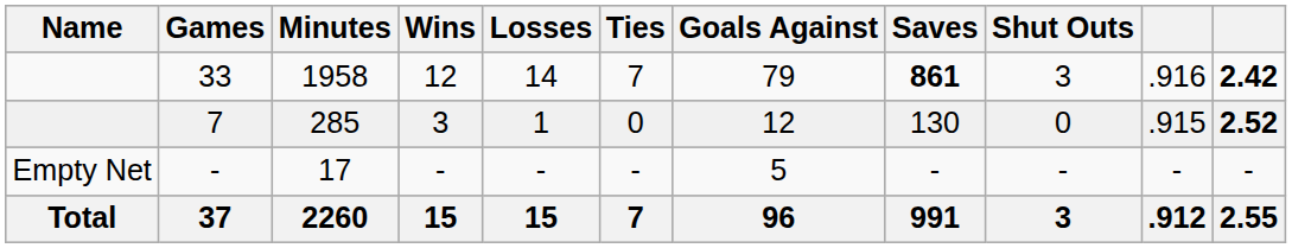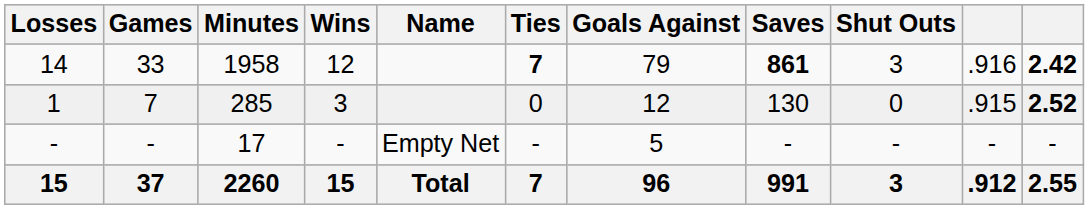 <table class="wikitable sortable">
 <tr align="center">
-<th>Name</th>
+<th>Losses</th>
 <th>Games</th>
 <th>Minutes</th>
 <th>Wins</th>
-<th>Losses</th>
+<th>Name</th>
 <th>Ties</th>
 <th>Goals Against</th>
 <th>Saves</th>
 <th>Shut Outs</th>
 <th><a href='#'></a></th>
 <th><a href='#'></a></th>
 </tr>
 <tr align="center">
-<td></td>
+<td>14</td>
 <td>33</td>
 <td>1958</td>
 <td>12</td>
-<td>14</td>
-<td>7</td>
+<td></td>
+<td><strong>7</strong></td>
 <td>79</td>
 <td><strong>861</strong></td>
 <td>3</td>
 <td>.916</td>
 <td><strong>2.42</strong></td>
 </tr>
 <tr align="center" bgcolor="f0f0f0">
-<td></td>
+<td>1</td>
 <td>7</td>
 <td>285</td>
 <td>3</td>
-<td>1</td>
+<td></td>
 <td>0</td>
 <td>12</td>
 <td>130</td>
 <td>0</td>
 <td>.915</td>
 <td><strong>2.52</strong></td>
 </tr>
 <tr align="center" bgcolor="">
-<td>Empty Net</td>
+<td>-</td>
 <td>-</td>
 <td>17</td>
 <td>-</td>
-<td>-</td>
+<td>Empty Net</td>
 <td>-</td>
 <td>5</td>
 <td>-</td>
 <td>-</td>
 <td>-</td>
 <td>-</td>
 </tr>
 <tr>
-<th>Total</th>
+<th>15</th>
 <th>37</th>
 <th>2260</th>
 <th>15</th>
-<th>15</th>
+<th>Total</th>
 <th>7</th>
 <th>96</th>
 <th>991</th>
 <th>3</th>
 <th>.912</th>
 <th>2.55</th>
 </tr>
 </table>
